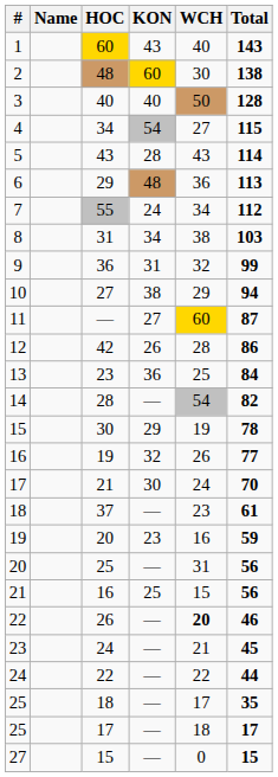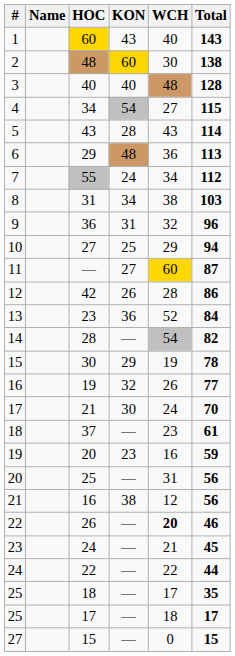 <table class="wikitable sortable" style="text-align:center;">
 <tr>
 <th>#</th>
 <th>Name</th>
 <th>HOC</th>
 <th>KON</th>
 <th>WCH</th>
 <th>Total</th>
 </tr>
 <tr>
 <td>1</td>
 <td align="left"></td>
 <td bgcolor="gold">60</td>
 <td>43</td>
 <td>40</td>
 <td><strong>143</strong></td>
 </tr>
 <tr>
 <td>2</td>
 <td align="left"></td>
 <td bgcolor=CC9966>48</td>
 <td bgcolor="gold">60</td>
 <td>30</td>
 <td><strong>138</strong></td>
 </tr>
 <tr>
 <td>3</td>
 <td align="left"></td>
 <td>40</td>
 <td>40</td>
-<td bgcolor=CC9966>50</td>
+<td bgcolor=CC9966>48</td>
 <td><strong>128</strong></td>
 </tr>
 <tr>
 <td>4</td>
 <td align="left"></td>
 <td>34</td>
 <td bgcolor="silver">54</td>
 <td>27</td>
 <td><strong>115</strong></td>
 </tr>
 <tr>
 <td>5</td>
 <td align="left"></td>
 <td>43</td>
 <td>28</td>
 <td>43</td>
 <td><strong>114</strong></td>
 </tr>
 <tr>
 <td>6</td>
 <td align="left"></td>
 <td>29</td>
 <td bgcolor=CC9966>48</td>
 <td>36</td>
 <td><strong>113</strong></td>
 </tr>
 <tr>
 <td>7</td>
 <td align="left"></td>
 <td bgcolor="silver">55</td>
 <td>24</td>
 <td>34</td>
 <td><strong>112</strong></td>
 </tr>
 <tr>
 <td>8</td>
 <td align="left"></td>
 <td>31</td>
 <td>34</td>
 <td>38</td>
 <td><strong>103</strong></td>
 </tr>
 <tr>
 <td>9</td>
 <td align="left"></td>
 <td>36</td>
 <td>31</td>
 <td>32</td>
-<td><strong>99</strong></td>
+<td><strong>96</strong></td>
 </tr>
 <tr>
 <td>10</td>
 <td align="left"></td>
 <td>27</td>
-<td>38</td>
+<td>25</td>
 <td>29</td>
 <td><strong>94</strong></td>
 </tr>
 <tr>
 <td>11</td>
 <td align="left"></td>
 <td>—</td>
 <td>27</td>
 <td bgcolor="gold">60</td>
 <td><strong>87</strong></td>
 </tr>
 <tr>
 <td>12</td>
 <td align="left"></td>
 <td>42</td>
 <td>26</td>
 <td>28</td>
 <td><strong>86</strong></td>
 </tr>
 <tr>
 <td>13</td>
 <td align="left"></td>
 <td>23</td>
 <td>36</td>
-<td>25</td>
+<td>52</td>
 <td><strong>84</strong></td>
 </tr>
 <tr>
 <td>14</td>
 <td align="left"></td>
 <td>28</td>
 <td>—</td>
 <td bgcolor="silver">54</td>
 <td><strong>82</strong></td>
 </tr>
 <tr>
 <td>15</td>
 <td align="left"></td>
 <td>30</td>
 <td>29</td>
 <td>19</td>
 <td><strong>78</strong></td>
 </tr>
 <tr>
 <td>16</td>
 <td align="left"></td>
 <td>19</td>
 <td>32</td>
 <td>26</td>
 <td><strong>77</strong></td>
 </tr>
 <tr>
 <td>17</td>
 <td align="left"></td>
 <td>21</td>
 <td>30</td>
 <td>24</td>
 <td><strong>70</strong></td>
 </tr>
 <tr>
 <td>18</td>
 <td align="left"></td>
 <td>37</td>
 <td>—</td>
 <td>23</td>
 <td><strong>61</strong></td>
 </tr>
 <tr>
 <td>19</td>
 <td align="left"></td>
 <td>20</td>
 <td>23</td>
 <td>16</td>
 <td><strong>59</strong></td>
 </tr>
 <tr>
 <td>20</td>
 <td align="left"></td>
 <td>25</td>
 <td>—</td>
 <td>31</td>
 <td><strong>56</strong></td>
 </tr>
 <tr>
 <td>21</td>
 <td align="left"></td>
 <td>16</td>
-<td>25</td>
-<td>15</td>
+<td>38</td>
+<td>12</td>
 <td><strong>56</strong></td>
 </tr>
 <tr>
 <td>22</td>
 <td align="left"></td>
 <td>26</td>
 <td>—</td>
 <td><strong>20</strong></td>
 <td><strong>46</strong></td>
 </tr>
 <tr>
 <td>23</td>
 <td align="left"></td>
 <td>24</td>
 <td>—</td>
 <td>21</td>
 <td><strong>45</strong></td>
 </tr>
 <tr>
 <td>24</td>
 <td align="left"></td>
 <td>22</td>
 <td>—</td>
 <td>22</td>
 <td><strong>44</strong></td>
 </tr>
 <tr>
 <td>25</td>
 <td align="left"></td>
 <td>18</td>
 <td>—</td>
 <td>17</td>
 <td><strong>35</strong></td>
 </tr>
 <tr>
 <td>25</td>
 <td align="left"></td>
 <td>17</td>
 <td>—</td>
 <td>18</td>
 <td><strong>17</strong></td>
 </tr>
 <tr>
 <td>27</td>
 <td align="left"></td>
 <td>15</td>
 <td>—</td>
 <td>0</td>
 <td><strong>15</strong></td>
 </tr>
 </table>
